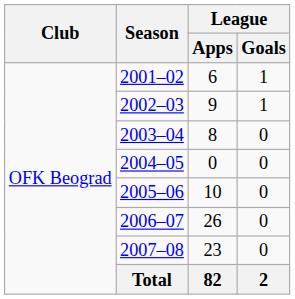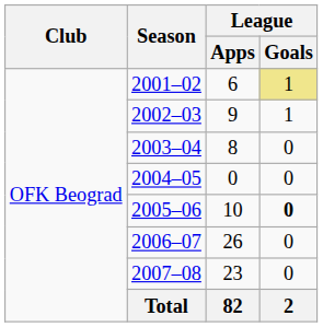 <table class="wikitable" style="text-align:center">
 <tr>
 <th rowspan="2">Club</th>
 <th rowspan="2">Season</th>
 <th colspan="2">League</th>
 </tr>
 <tr>
 <th>Apps</th>
 <th>Goals</th>
 </tr>
 <tr>
 <td rowspan="8"><a href='#'>OFK Beograd</a></td>
 <td><a href='#'>2001–02</a></td>
 <td>6</td>
-<td>1</td>
+<td style="background: khaki;">1</td>
 </tr>
 <tr>
 <td><a href='#'>2002–03</a></td>
 <td>9</td>
 <td>1</td>
 </tr>
 <tr>
 <td><a href='#'>2003–04</a></td>
 <td>8</td>
 <td>0</td>
 </tr>
 <tr>
 <td><a href='#'>2004–05</a></td>
 <td>0</td>
 <td>0</td>
 </tr>
 <tr>
 <td><a href='#'>2005–06</a></td>
 <td>10</td>
-<td>0</td>
+<td><strong>0</strong></td>
 </tr>
 <tr>
 <td><a href='#'>2006–07</a></td>
 <td>26</td>
 <td>0</td>
 </tr>
 <tr>
 <td><a href='#'>2007–08</a></td>
 <td>23</td>
 <td>0</td>
 </tr>
 <tr>
 <th>Total</th>
 <th>82</th>
 <th>2</th>
 </tr>
 </table>
